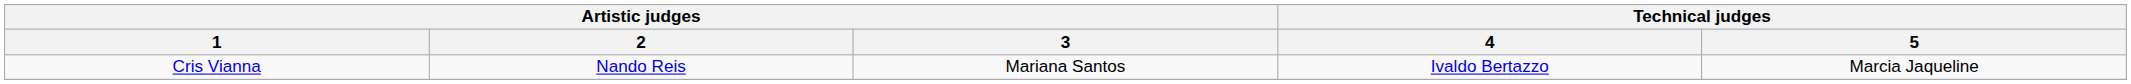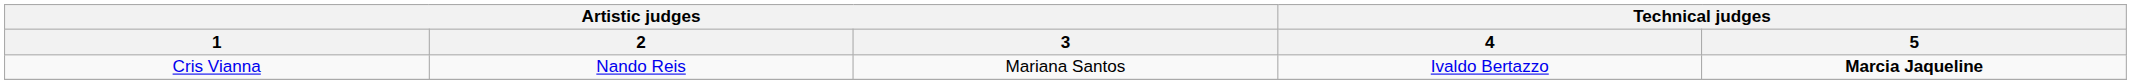 <table class="wikitable" style="font-size:100%; line-height:16px; text-align:center" width="100%">
 <tr>
 <th colspan=3>Artistic judges</th>
 <th colspan=2>Technical judges</th>
 </tr>
 <tr>
 <th style="width:20.0%;">1</th>
 <th style="width:20.0%;">2</th>
 <th style="width:20.0%;">3</th>
 <th style="width:20.0%;">4</th>
 <th style="width:20.0%;">5</th>
 </tr>
 <tr>
 <td><a href='#'>Cris Vianna</a></td>
 <td><a href='#'>Nando Reis</a></td>
 <td>Mariana Santos</td>
 <td><a href='#'>Ivaldo Bertazzo</a></td>
-<td>Marcia Jaqueline</td>
+<td><strong>Marcia Jaqueline</strong></td>
 </tr>
 <tr>
 </tr>
 </table>
